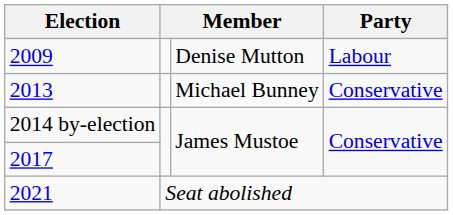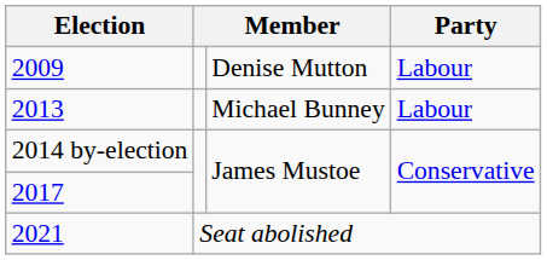 <table class="wikitable">
 <tr>
 <th>Election</th>
 <th colspan="2">Member</th>
 <th>Party</th>
 </tr>
 <tr>
 <td><a href='#'>2009</a></td>
 <td rowspan="1" style="background-color: "></td>
 <td rowspan="1">Denise Mutton</td>
 <td rowspan="1"><a href='#'>Labour</a></td>
 </tr>
 <tr>
 <td><a href='#'>2013</a></td>
 <td rowspan="1" style="background-color: "></td>
 <td rowspan="1">Michael Bunney</td>
-<td rowspan="1"><a href='#'>Conservative</a></td>
+<td rowspan="1"><a href='#'>Labour</a></td>
 </tr>
 <tr>
 <td>2014 by-election</td>
 <td rowspan="2" style="background-color: "></td>
 <td rowspan="2">James Mustoe</td>
 <td rowspan="2"><a href='#'>Conservative</a></td>
 </tr>
 <tr>
 <td><a href='#'>2017</a></td>
 </tr>
 <tr>
 <td><a href='#'>2021</a></td>
 <td colspan="3"><em>Seat abolished</em></td>
 </tr>
 </table>
